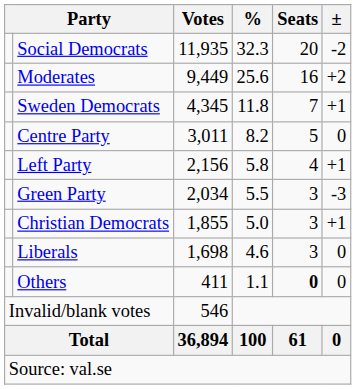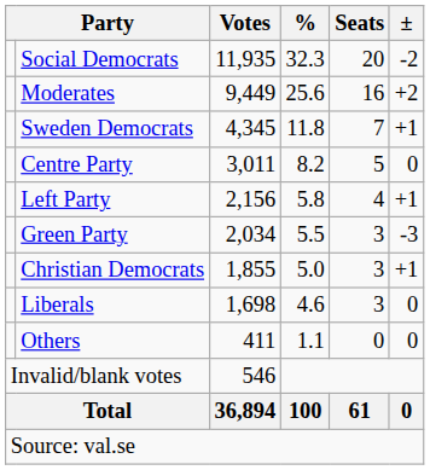 <table class=wikitable style=text-align:right>
 <tr>
 <th colspan=2>Party</th>
 <th>Votes</th>
 <th>%</th>
 <th>Seats</th>
 <th>±</th>
 </tr>
 <tr>
 <td bgcolor=></td>
 <td align=left><a href='#'>Social Democrats</a></td>
 <td>11,935</td>
 <td>32.3</td>
 <td>20</td>
 <td>-2</td>
 </tr>
 <tr>
 <td bgcolor=></td>
 <td align=left><a href='#'>Moderates</a></td>
 <td>9,449</td>
 <td>25.6</td>
 <td>16</td>
 <td>+2</td>
 </tr>
 <tr>
 <td bgcolor=></td>
 <td align=left><a href='#'>Sweden Democrats</a></td>
 <td>4,345</td>
 <td>11.8</td>
 <td>7</td>
 <td>+1</td>
 </tr>
 <tr>
 <td bgcolor=></td>
 <td align=left><a href='#'>Centre Party</a></td>
 <td>3,011</td>
 <td>8.2</td>
 <td>5</td>
 <td>0</td>
 </tr>
 <tr>
 <td bgcolor=></td>
 <td align=left><a href='#'>Left Party</a></td>
 <td>2,156</td>
 <td>5.8</td>
 <td>4</td>
 <td>+1</td>
 </tr>
 <tr>
 <td bgcolor=></td>
 <td align=left><a href='#'>Green Party</a></td>
 <td>2,034</td>
 <td>5.5</td>
 <td>3</td>
 <td>-3</td>
 </tr>
 <tr>
 <td bgcolor=></td>
 <td align=left><a href='#'>Christian Democrats</a></td>
 <td>1,855</td>
 <td>5.0</td>
 <td>3</td>
 <td>+1</td>
 </tr>
 <tr>
 <td bgcolor=></td>
 <td align=left><a href='#'>Liberals</a></td>
 <td>1,698</td>
 <td>4.6</td>
 <td>3</td>
 <td>0</td>
 </tr>
 <tr>
 <td></td>
 <td align=left><a href='#'>Others</a></td>
 <td>411</td>
 <td>1.1</td>
-<td><strong>0</strong></td>
+<td>0</td>
 <td>0</td>
 </tr>
 <tr>
 <td align=left colspan=2>Invalid/blank votes</td>
 <td>546</td>
 <td colspan=3></td>
 </tr>
 <tr>
 <th align=left colspan=2>Total</th>
 <th>36,894</th>
 <th>100</th>
 <th>61</th>
 <th>0</th>
 </tr>
 <tr>
 <td align=left colspan=6>Source: val.se </td>
 </tr>
 </table>
